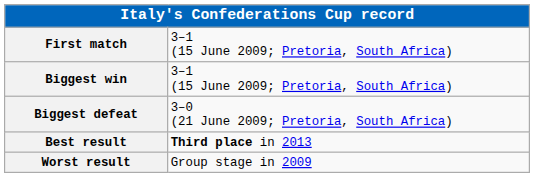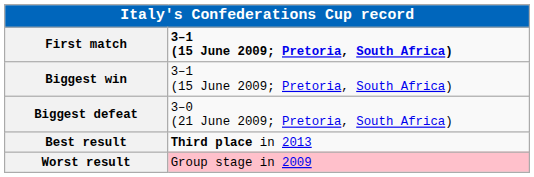 <table class="wikitable collapsible collapsed" style="width:35%;font-size:80%">
 <tr style="color:white">
 <th style="background:#0066bc;width:20%" colspan="6"><big>Italy's Confederations Cup record</big></th>
 </tr>
 <tr>
 <th width=10%>First match</th>
-<td width=23%><div> 3–1 <br> (15 June 2009; <a href='#'>Pretoria</a>, <a href='#'>South Africa</a>)</div></td>
+<td width=23%><strong><div> 3–1 <br> (15 June 2009; <a href='#'>Pretoria</a>, <a href='#'>South Africa</a>)</div></strong></td>
 </tr>
 <tr>
 <th width=10%>Biggest win</th>
 <td width=23%><div> 3–1 <br> (15 June 2009; <a href='#'>Pretoria</a>, <a href='#'>South Africa</a>)</div></td>
 </tr>
 <tr>
 <th width=10%>Biggest defeat</th>
 <td width=23%><div> 3–0 <br> (21 June 2009; <a href='#'>Pretoria</a>, <a href='#'>South Africa</a>)</div></td>
 </tr>
 <tr>
 <th width=10%>Best result</th>
 <td width=23%><div><strong>Third place</strong> in <a href='#'>2013</a></div></td>
 </tr>
 <tr>
 <th width=10%>Worst result</th>
-<td width=23%><div>Group stage in <a href='#'>2009</a></div></td>
+<td width=23% style="background: pink;"><div>Group stage in <a href='#'>2009</a></div></td>
 </tr>
 </table>
